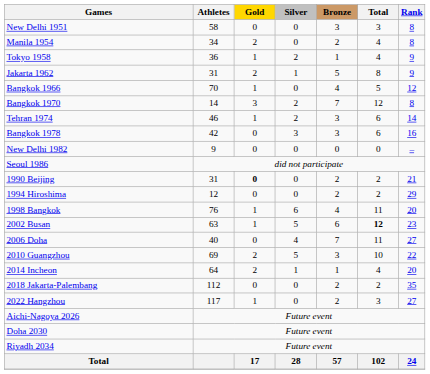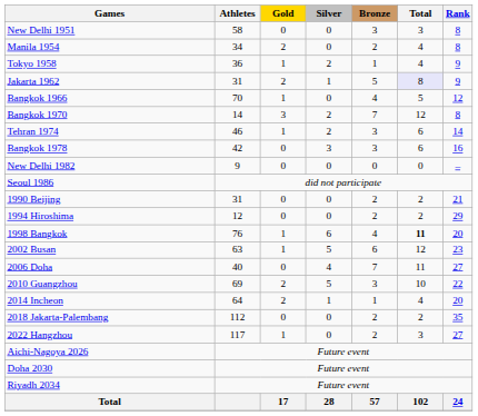 <table class="wikitable sortable" style="margin-top:0em; text-align:center; font-size:90%;">
 <tr>
 <th style="width:20em;">Games</th>
 <th style="width:4em;">Athletes</th>
 <th style="width:4em; background:gold;">Gold</th>
 <th style="width:4em; background:silver;">Silver</th>
 <th style="width:4em; background:#cc9966;">Bronze</th>
 <th style="width:4em;">Total</th>
 <th style="width:2em;"><a href='#'>Rank</a></th>
 </tr>
 <tr>
 <td align=left> <a href='#'>New Delhi 1951</a></td>
 <td>58</td>
 <td>0</td>
 <td>0</td>
 <td>3</td>
 <td>3</td>
 <td><a href='#'>8</a></td>
 </tr>
 <tr>
 <td align=left> <a href='#'>Manila 1954</a></td>
 <td>34</td>
 <td>2</td>
 <td>0</td>
 <td>2</td>
 <td>4</td>
 <td><a href='#'>8</a></td>
 </tr>
 <tr>
 <td align=left> <a href='#'>Tokyo 1958</a></td>
 <td>36</td>
 <td>1</td>
 <td>2</td>
 <td>1</td>
 <td>4</td>
 <td><a href='#'>9</a></td>
 </tr>
 <tr>
 <td align=left> <a href='#'>Jakarta 1962</a></td>
 <td>31</td>
 <td>2</td>
 <td>1</td>
 <td>5</td>
-<td>8</td>
+<td style="background: lavender;">8</td>
 <td><a href='#'>9</a></td>
 </tr>
 <tr>
 <td align=left> <a href='#'>Bangkok 1966</a></td>
 <td>70</td>
 <td>1</td>
 <td>0</td>
 <td>4</td>
 <td>5</td>
 <td><a href='#'>12</a></td>
 </tr>
 <tr>
 <td align=left> <a href='#'>Bangkok 1970</a></td>
 <td>14</td>
 <td>3</td>
 <td>2</td>
 <td>7</td>
 <td>12</td>
 <td><a href='#'>8</a></td>
 </tr>
 <tr>
 <td align=left> <a href='#'>Tehran 1974</a></td>
 <td>46</td>
 <td>1</td>
 <td>2</td>
 <td>3</td>
 <td>6</td>
 <td><a href='#'>14</a></td>
 </tr>
 <tr>
 <td align=left> <a href='#'>Bangkok 1978</a></td>
 <td>42</td>
 <td>0</td>
 <td>3</td>
 <td>3</td>
 <td>6</td>
 <td><a href='#'>16</a></td>
 </tr>
 <tr>
 <td align=left> <a href='#'>New Delhi 1982</a></td>
 <td>9</td>
 <td>0</td>
 <td>0</td>
 <td>0</td>
 <td>0</td>
 <td><a href='#'>–</a></td>
 </tr>
 <tr>
 <td align=left> <a href='#'>Seoul 1986</a></td>
 <td colspan=6><em>did not participate</em></td>
 </tr>
 <tr>
 <td align=left> <a href='#'>1990 Beijing</a></td>
 <td>31</td>
-<td><strong>0</strong></td>
+<td>0</td>
 <td>0</td>
 <td>2</td>
 <td>2</td>
 <td><a href='#'>21</a></td>
 </tr>
 <tr>
 <td align=left> <a href='#'>1994 Hiroshima</a></td>
 <td>12</td>
 <td>0</td>
 <td>0</td>
 <td>2</td>
 <td>2</td>
 <td><a href='#'>29</a></td>
 </tr>
 <tr>
 <td align=left> <a href='#'>1998 Bangkok</a></td>
 <td>76</td>
 <td>1</td>
 <td>6</td>
 <td>4</td>
-<td>11</td>
+<td><strong>11</strong></td>
 <td><a href='#'>20</a></td>
 </tr>
 <tr>
 <td align=left> <a href='#'>2002 Busan</a></td>
 <td>63</td>
 <td>1</td>
 <td>5</td>
 <td>6</td>
-<td><strong>12</strong></td>
+<td>12</td>
 <td><a href='#'>23</a></td>
 </tr>
 <tr>
 <td align=left> <a href='#'>2006 Doha</a></td>
 <td>40</td>
 <td>0</td>
 <td>4</td>
 <td>7</td>
 <td>11</td>
 <td><a href='#'>27</a></td>
 </tr>
 <tr>
 <td align=left> <a href='#'>2010 Guangzhou</a></td>
 <td>69</td>
 <td>2</td>
 <td>5</td>
 <td>3</td>
 <td>10</td>
 <td><a href='#'>22</a></td>
 </tr>
 <tr>
 <td align=left> <a href='#'>2014 Incheon</a></td>
 <td>64</td>
 <td>2</td>
 <td>1</td>
 <td>1</td>
 <td>4</td>
 <td><a href='#'>20</a></td>
 </tr>
 <tr>
 <td align=left> <a href='#'>2018 Jakarta-Palembang</a></td>
 <td>112</td>
 <td>0</td>
 <td>0</td>
 <td>2</td>
 <td>2</td>
 <td><a href='#'>35</a></td>
 </tr>
 <tr>
 <td align=left> <a href='#'>2022 Hangzhou</a></td>
 <td>117</td>
 <td>1</td>
 <td>0</td>
 <td>2</td>
 <td>3</td>
 <td><a href='#'>27</a></td>
 </tr>
 <tr>
 <td align=left> <a href='#'>Aichi-Nagoya 2026</a></td>
 <td colspan=6><em>Future event</em></td>
 </tr>
 <tr>
 <td align=left> <a href='#'>Doha 2030</a></td>
 <td colspan=6><em>Future event</em></td>
 </tr>
 <tr>
 <td align=left> <a href='#'>Riyadh 2034</a></td>
 <td colspan=6><em>Future event</em></td>
 </tr>
 <tr>
 <th><strong>Total</strong></th>
 <th></th>
 <th><strong>17</strong></th>
 <th><strong>28</strong></th>
 <th><strong>57</strong></th>
 <th><strong>102</strong></th>
 <th><strong><a href='#'>24</a></strong></th>
 </tr>
 <tr class="sortbottom">
 </tr>
 </table>
